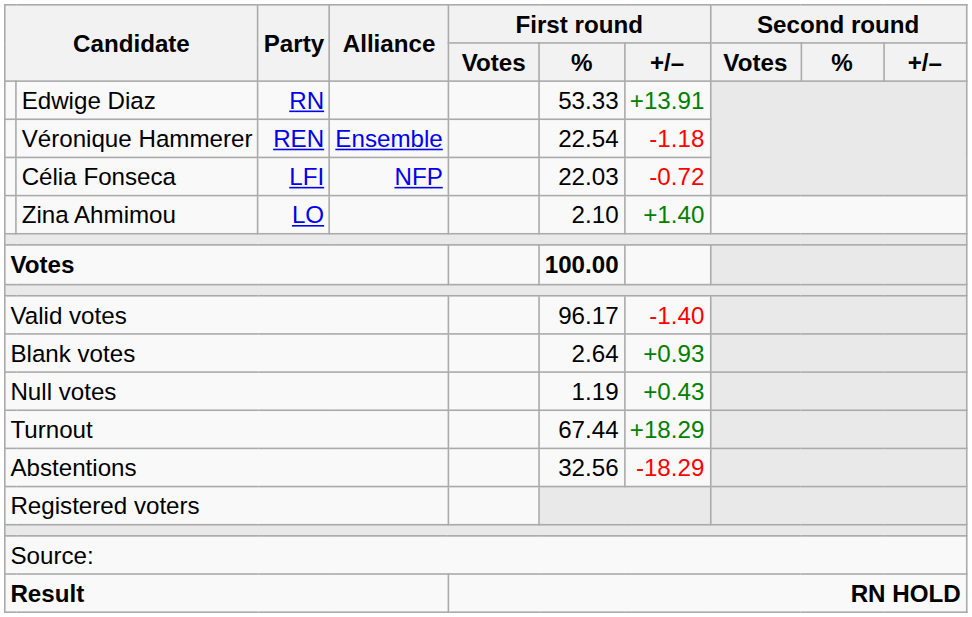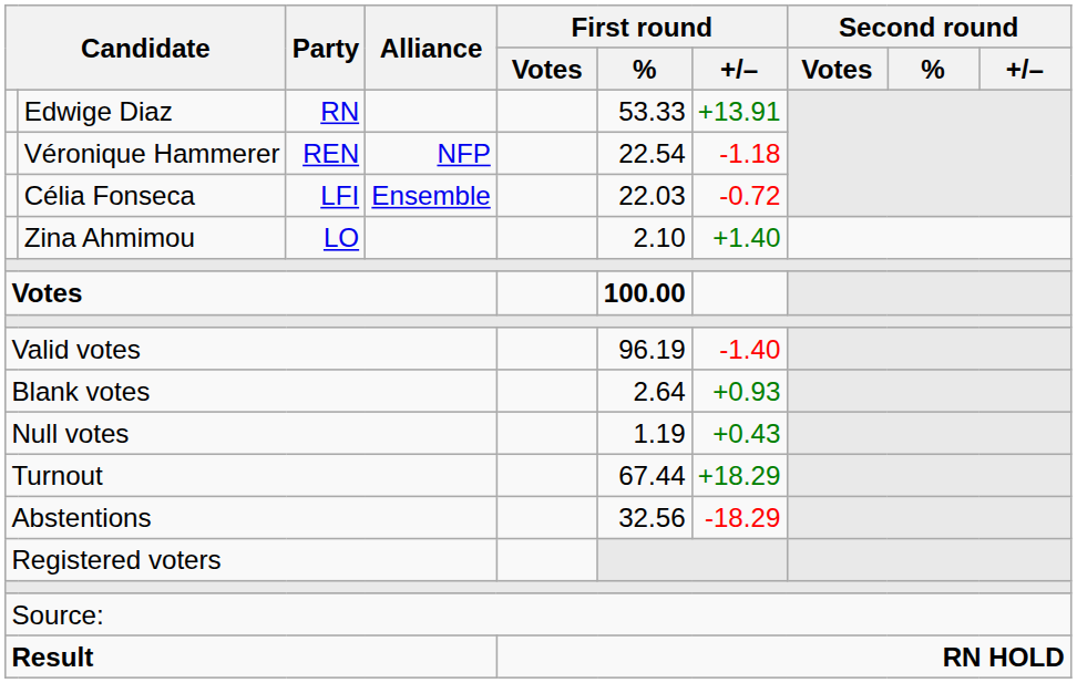 <table class="wikitable" style="text-align:right;font-size:95%;">
 <tr>
 <th rowspan="2" colspan="2">Candidate</th>
 <th colspan="1" rowspan="2">Party</th>
 <th colspan="1" rowspan="2">Alliance</th>
 <th colspan="3">First round</th>
 <th colspan="3">Second round</th>
 </tr>
 <tr>
 <th style="width:50px;">Votes</th>
 <th style="width:45px;">%</th>
 <th style="width:45px;">+/–</th>
 <th style="width:50px;">Votes</th>
 <th style="width:45px;">%</th>
 <th style="width:45px;">+/–</th>
 </tr>
 <tr>
 <td style="color:inherit;background:"></td>
 <td style="text-align:left;">Edwige Diaz</td>
 <td><a href='#'>RN</a></td>
 <td></td>
 <td></td>
 <td>53.33</td>
 <td style="color:green;">+13.91</td>
 <td colspan="3" rowspan="3" style="background:#E9E9E9;"></td>
 </tr>
 <tr>
 <td style="color:inherit;background:"></td>
 <td style="text-align:left;">Véronique Hammerer</td>
 <td><a href='#'>REN</a></td>
-<td><a href='#'>Ensemble</a></td>
+<td><a href='#'>NFP</a></td>
 <td></td>
 <td>22.54</td>
 <td style="color:red;">-1.18</td>
 </tr>
 <tr>
 <td style="color:inherit;background:"></td>
 <td style="text-align:left;">Célia Fonseca</td>
 <td><a href='#'>LFI</a></td>
-<td><a href='#'>NFP</a></td>
+<td><a href='#'>Ensemble</a></td>
 <td></td>
 <td>22.03</td>
 <td style="color:red;">-0.72</td>
 </tr>
 <tr>
 <td style="color:inherit;background:"></td>
 <td style="text-align:left;">Zina Ahmimou</td>
 <td><a href='#'>LO</a></td>
 <td></td>
 <td></td>
 <td>2.10</td>
 <td style="color:green;">+1.40</td>
 </tr>
 <tr>
 <td colspan="10" style="background:#E9E9E9;"></td>
 </tr>
 <tr style="font-weight:bold;">
 <td colspan="4" style="text-align:left;">Votes</td>
 <td></td>
 <td>100.00</td>
 <td></td>
 <td colspan="3" rowspan="1" style="background:#E9E9E9;"></td>
 </tr>
 <tr>
 <td colspan="10" style="background:#E9E9E9;"></td>
 </tr>
 <tr>
 <td colspan="4" style="text-align:left;">Valid votes</td>
 <td></td>
-<td>96.17</td>
+<td>96.19</td>
 <td style="color:red;">-1.40</td>
 <td colspan="3" rowspan="1" style="background:#E9E9E9;"></td>
 </tr>
 <tr>
 <td colspan="4" style="text-align:left;">Blank votes</td>
 <td></td>
 <td>2.64</td>
 <td style="color:green;">+0.93</td>
 <td colspan="3" rowspan="1" style="background:#E9E9E9;"></td>
 </tr>
 <tr>
 <td colspan="4" style="text-align:left;">Null votes</td>
 <td></td>
 <td>1.19</td>
 <td style="color:green;">+0.43</td>
 <td colspan="3" rowspan="1" style="background:#E9E9E9;"></td>
 </tr>
 <tr>
 <td colspan="4" style="text-align:left;">Turnout</td>
 <td></td>
 <td>67.44</td>
 <td style="color:green;">+18.29</td>
 <td colspan="3" rowspan="1" style="background:#E9E9E9;"></td>
 </tr>
 <tr>
 <td colspan="4" style="text-align:left;">Abstentions</td>
 <td></td>
 <td>32.56</td>
 <td style="color:red;">-18.29</td>
 <td colspan="3" rowspan="1" style="background:#E9E9E9;"></td>
 </tr>
 <tr>
 <td colspan="4" style="text-align:left;">Registered voters</td>
 <td></td>
 <td colspan="2" style="background:#E9E9E9;"></td>
 <td colspan="3" rowspan="1" style="background:#E9E9E9;"></td>
 </tr>
 <tr>
 <td colspan="10" style="background:#E9E9E9;"></td>
 </tr>
 <tr>
 <td colspan="10" style="text-align:left;">Source: </td>
 </tr>
 <tr style="font-weight:bold">
 <td colspan="4" style="text-align:left;">Result</td>
 <td colspan="6" style="background-color:">RN HOLD</td>
 </tr>
 </table>
